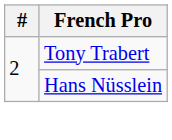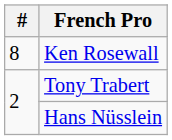 <table class=wikitable style="display:inline-table;">
 <tr>
 <th width=20>#</th>
 <th>French Pro</th>
+</tr>
+<tr>
+<td>8</td>
+<td> <a href='#'>Ken Rosewall</a></td>
 </tr>
 <tr>
 <td rowspan="2">2</td>
 <td> <a href='#'>Tony Trabert</a></td>
 </tr>
 <tr>
 <td> <a href='#'>Hans Nüsslein</a></td>
 </tr>
 </table>
